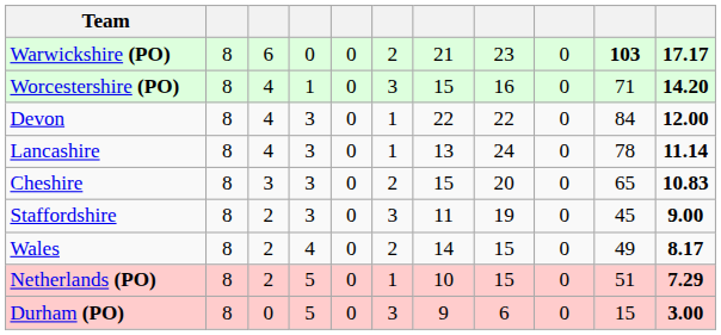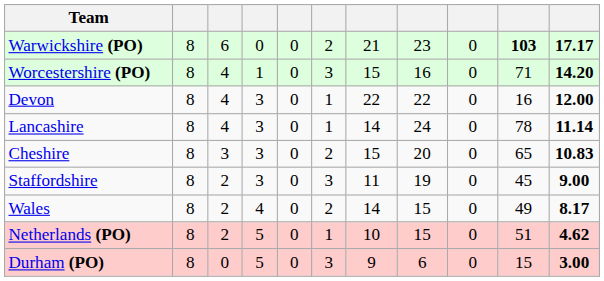 <table class="wikitable" style="text-align:center">
 <tr>
 <th width="150">Team</th>
 <th width="25"></th>
 <th width="25"></th>
 <th width="25"></th>
 <th width="25"></th>
 <th width="25"></th>
 <th width="40"></th>
 <th width="40"></th>
 <th width="40"></th>
 <th width="40"></th>
 <th width="40"></th>
 </tr>
 <tr style="background:#dfd;">
 <td style="text-align:left"><a href='#'>Warwickshire</a> <strong>(PO)</strong></td>
 <td>8</td>
 <td>6</td>
 <td>0</td>
 <td>0</td>
 <td>2</td>
 <td>21</td>
 <td>23</td>
 <td>0</td>
 <td><strong>103</strong></td>
 <td><strong>17.17</strong></td>
 </tr>
 <tr style="background:#dfd;">
 <td style="text-align:left"><a href='#'>Worcestershire</a> <strong>(PO)</strong></td>
 <td>8</td>
 <td>4</td>
 <td>1</td>
 <td>0</td>
 <td>3</td>
 <td>15</td>
 <td>16</td>
 <td>0</td>
 <td>71</td>
 <td><strong>14.20</strong></td>
 </tr>
 <tr>
 <td style="text-align:left"><a href='#'>Devon</a></td>
 <td>8</td>
 <td>4</td>
 <td>3</td>
 <td>0</td>
 <td>1</td>
 <td>22</td>
 <td>22</td>
 <td>0</td>
-<td>84</td>
+<td>16</td>
 <td><strong>12.00</strong></td>
 </tr>
 <tr>
 <td style="text-align:left"><a href='#'>Lancashire</a></td>
 <td>8</td>
 <td>4</td>
 <td>3</td>
 <td>0</td>
 <td>1</td>
-<td>13</td>
+<td>14</td>
 <td>24</td>
 <td>0</td>
 <td>78</td>
 <td><strong>11.14</strong></td>
 </tr>
 <tr>
 <td style="text-align:left"><a href='#'>Cheshire</a></td>
 <td>8</td>
 <td>3</td>
 <td>3</td>
 <td>0</td>
 <td>2</td>
 <td>15</td>
 <td>20</td>
 <td>0</td>
 <td>65</td>
 <td><strong>10.83</strong></td>
 </tr>
 <tr>
 <td style="text-align:left"><a href='#'>Staffordshire</a></td>
 <td>8</td>
 <td>2</td>
 <td>3</td>
 <td>0</td>
 <td>3</td>
 <td>11</td>
 <td>19</td>
 <td>0</td>
 <td>45</td>
 <td><strong>9.00</strong></td>
 </tr>
 <tr>
 <td style="text-align:left"><a href='#'>Wales</a></td>
 <td>8</td>
 <td>2</td>
 <td>4</td>
 <td>0</td>
 <td>2</td>
 <td>14</td>
 <td>15</td>
 <td>0</td>
 <td>49</td>
 <td><strong>8.17</strong></td>
 </tr>
 <tr style="background:#FFCCCC">
 <td style="text-align:left"><a href='#'>Netherlands</a>  <strong>(PO)</strong></td>
 <td>8</td>
 <td>2</td>
 <td>5</td>
 <td>0</td>
 <td>1</td>
 <td>10</td>
 <td>15</td>
 <td>0</td>
 <td>51</td>
-<td><strong>7.29</strong></td>
+<td><strong>4.62</strong></td>
 </tr>
 <tr style="background:#FFCCCC">
 <td style="text-align:left"><a href='#'>Durham</a>  <strong>(PO)</strong></td>
 <td>8</td>
 <td>0</td>
 <td>5</td>
 <td>0</td>
 <td>3</td>
 <td>9</td>
 <td>6</td>
 <td>0</td>
 <td>15</td>
 <td><strong>3.00</strong></td>
 </tr>
 </table>
